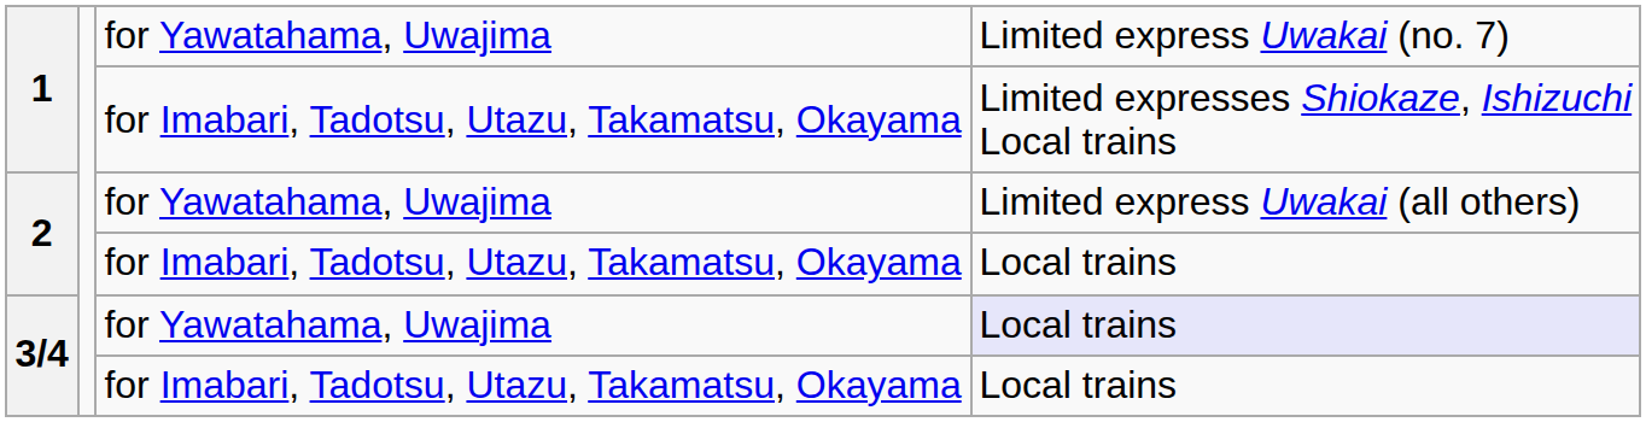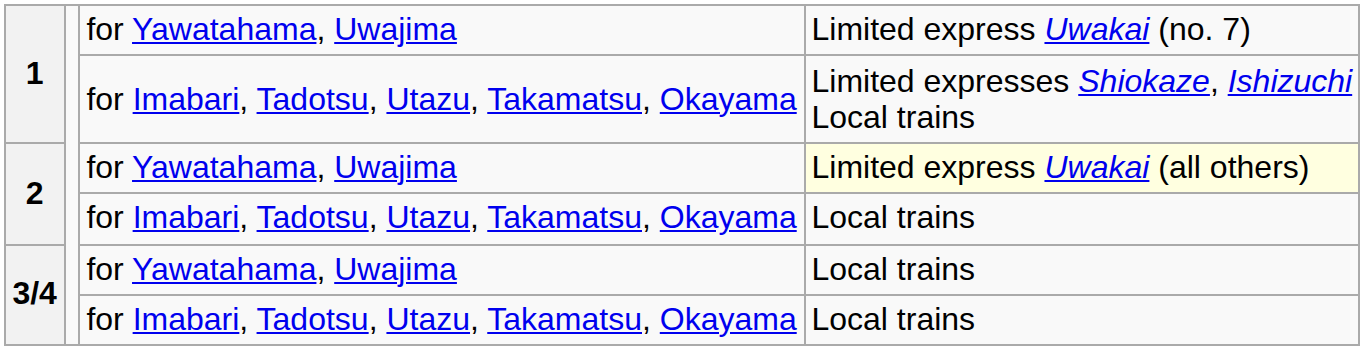 <table class="wikitable">
 <tr>
 <th rowspan="2">1</th>
 <td rowspan="6"></td>
 <td>for <a href='#'>Yawatahama</a>, <a href='#'>Uwajima</a></td>
 <td>Limited express <em><a href='#'>Uwakai</a></em> (no. 7)</td>
 </tr>
 <tr>
 <td>for <a href='#'>Imabari</a>, <a href='#'>Tadotsu</a>, <a href='#'>Utazu</a>, <a href='#'>Takamatsu</a>, <a href='#'>Okayama</a></td>
 <td>Limited expresses <a href='#'><em>Shiokaze</em></a>, <em><a href='#'>Ishizuchi</a></em><br>Local trains</td>
 </tr>
 <tr>
 <th rowspan="2">2</th>
 <td>for <a href='#'>Yawatahama</a>, <a href='#'>Uwajima</a></td>
-<td>Limited express <em><a href='#'>Uwakai</a></em> (all others)</td>
+<td style="background: lightyellow;">Limited express <em><a href='#'>Uwakai</a></em> (all others)</td>
 </tr>
 <tr>
 <td>for <a href='#'>Imabari</a>, <a href='#'>Tadotsu</a>, <a href='#'>Utazu</a>, <a href='#'>Takamatsu</a>, <a href='#'>Okayama</a></td>
 <td>Local trains</td>
 </tr>
 <tr>
 <th rowspan="2">3/4</th>
 <td>for <a href='#'>Yawatahama</a>, <a href='#'>Uwajima</a></td>
-<td style="background: lavender;">Local trains</td>
+<td>Local trains</td>
 </tr>
 <tr>
 <td>for <a href='#'>Imabari</a>, <a href='#'>Tadotsu</a>, <a href='#'>Utazu</a>, <a href='#'>Takamatsu</a>, <a href='#'>Okayama</a></td>
 <td>Local trains</td>
 </tr>
 <tr>
 </tr>
 </table>
